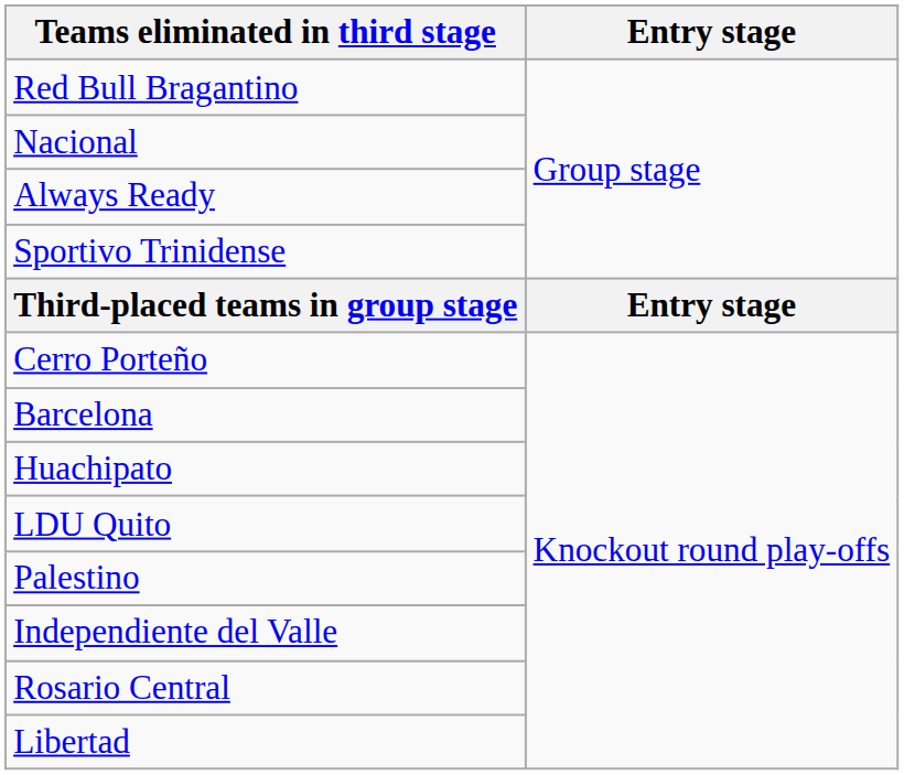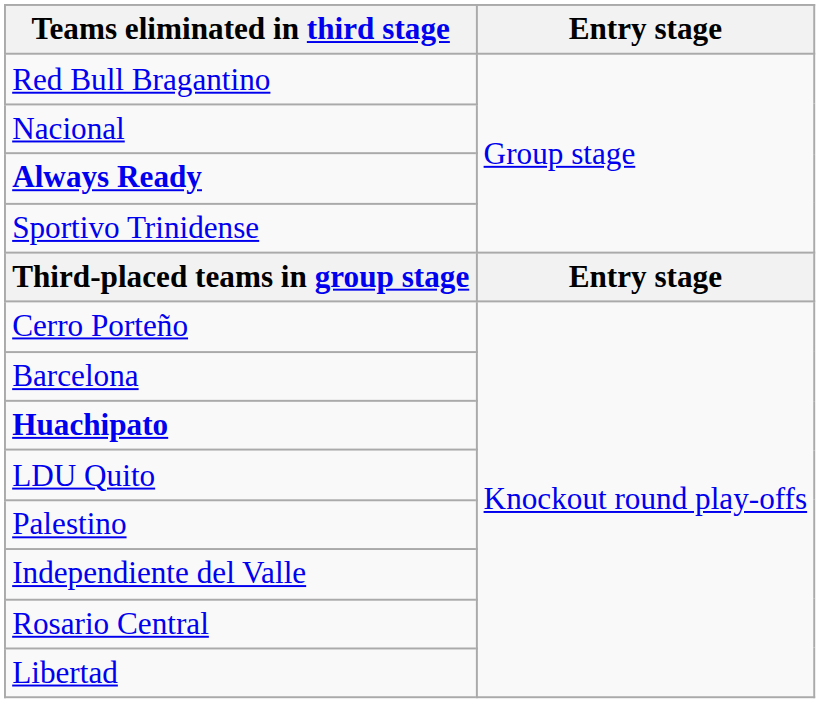 <table class="wikitable">
 <tr>
 <th>Teams eliminated in <a href='#'>third stage</a></th>
 <th>Entry stage</th>
 </tr>
 <tr>
 <td> <a href='#'>Red Bull Bragantino</a></td>
 <td rowspan=4><a href='#'>Group stage</a></td>
 </tr>
 <tr>
 <td> <a href='#'>Nacional</a></td>
 </tr>
 <tr>
-<td> <a href='#'>Always Ready</a></td>
+<td><strong> <a href='#'>Always Ready</a></strong></td>
 </tr>
 <tr>
 <td> <a href='#'>Sportivo Trinidense</a></td>
 </tr>
 <tr>
 <th>Third-placed teams in <a href='#'>group stage</a></th>
 <th>Entry stage</th>
 </tr>
 <tr>
 <td> <a href='#'>Cerro Porteño</a></td>
 <td rowspan=8><a href='#'>Knockout round play-offs</a></td>
 </tr>
 <tr>
 <td> <a href='#'>Barcelona</a></td>
 </tr>
 <tr>
-<td> <a href='#'>Huachipato</a></td>
+<td><strong> <a href='#'>Huachipato</a></strong></td>
 </tr>
 <tr>
 <td> <a href='#'>LDU Quito</a></td>
 </tr>
 <tr>
 <td> <a href='#'>Palestino</a></td>
 </tr>
 <tr>
 <td> <a href='#'>Independiente del Valle</a></td>
 </tr>
 <tr>
 <td> <a href='#'>Rosario Central</a></td>
 </tr>
 <tr>
 <td> <a href='#'>Libertad</a></td>
 </tr>
 </table>
